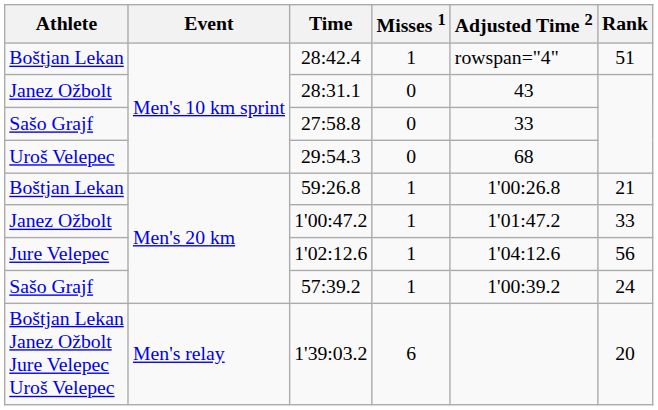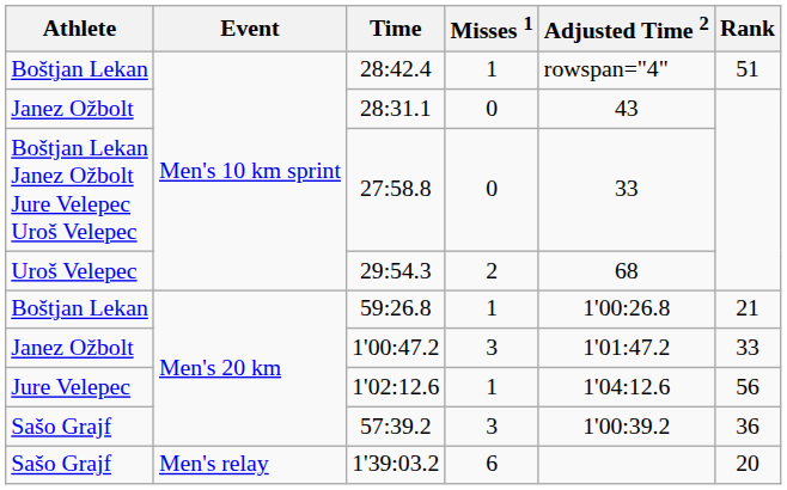 <table class="wikitable" style="font-size:90%">
 <tr>
 <th>Athlete</th>
 <th>Event</th>
 <th>Time</th>
 <th>Misses <sup>1</sup></th>
 <th>Adjusted Time <sup>2</sup></th>
 <th>Rank</th>
 </tr>
 <tr>
 <td><a href='#'>Boštjan Lekan</a></td>
 <td rowspan="4"><a href='#'>Men's 10 km sprint</a></td>
 <td align="center">28:42.4</td>
 <td align="center">1</td>
 <td>rowspan="4" </td>
 <td align="center">51</td>
 </tr>
 <tr>
 <td><a href='#'>Janez Ožbolt</a></td>
 <td align="center">28:31.1</td>
 <td align="center">0</td>
 <td align="center">43</td>
 </tr>
 <tr>
-<td><a href='#'>Sašo Grajf</a></td>
+<td><a href='#'>Boštjan Lekan</a><br><a href='#'>Janez Ožbolt</a><br><a href='#'>Jure Velepec</a><br><a href='#'>Uroš Velepec</a></td>
 <td align="center">27:58.8</td>
 <td align="center">0</td>
 <td align="center">33</td>
 </tr>
 <tr>
 <td><a href='#'>Uroš Velepec</a></td>
 <td align="center">29:54.3</td>
-<td align="center">0</td>
+<td align="center">2</td>
 <td align="center">68</td>
 </tr>
 <tr>
 <td><a href='#'>Boštjan Lekan</a></td>
 <td rowspan="4"><a href='#'>Men's 20 km</a></td>
 <td align="center">59:26.8</td>
 <td align="center">1</td>
 <td align="center">1'00:26.8</td>
 <td align="center">21</td>
 </tr>
 <tr>
 <td><a href='#'>Janez Ožbolt</a></td>
 <td align="center">1'00:47.2</td>
-<td align="center">1</td>
+<td align="center">3</td>
 <td align="center">1'01:47.2</td>
 <td align="center">33</td>
 </tr>
 <tr>
 <td><a href='#'>Jure Velepec</a></td>
 <td align="center">1'02:12.6</td>
 <td align="center">1</td>
 <td align="center">1'04:12.6</td>
 <td align="center">56</td>
 </tr>
 <tr>
 <td><a href='#'>Sašo Grajf</a></td>
 <td align="center">57:39.2</td>
-<td align="center">1</td>
+<td align="center">3</td>
 <td align="center">1'00:39.2</td>
-<td align="center">24</td>
+<td align="center">36</td>
 </tr>
 <tr>
-<td><a href='#'>Boštjan Lekan</a><br><a href='#'>Janez Ožbolt</a><br><a href='#'>Jure Velepec</a><br><a href='#'>Uroš Velepec</a></td>
+<td><a href='#'>Sašo Grajf</a></td>
 <td><a href='#'>Men's relay</a></td>
 <td align=center>1'39:03.2</td>
 <td align=center>6</td>
 <td></td>
 <td align=center>20</td>
 </tr>
 </table>
